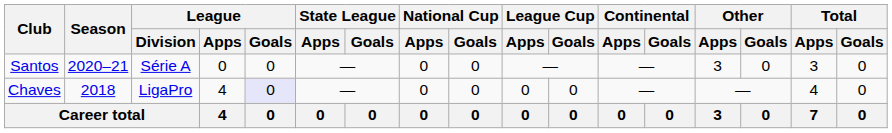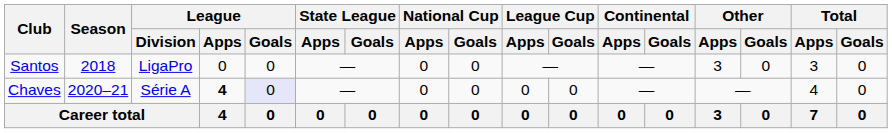 <table class="wikitable" style="text-align: center">
 <tr>
 <th rowspan="2">Club</th>
 <th rowspan="2">Season</th>
 <th colspan="3">League</th>
 <th colspan="2">State League</th>
 <th colspan="2">National Cup</th>
 <th colspan="2">League Cup</th>
 <th colspan="2">Continental</th>
 <th colspan="2">Other</th>
 <th colspan="2">Total</th>
 </tr>
 <tr>
 <th>Division</th>
 <th>Apps</th>
 <th>Goals</th>
 <th>Apps</th>
 <th>Goals</th>
 <th>Apps</th>
 <th>Goals</th>
 <th>Apps</th>
 <th>Goals</th>
 <th>Apps</th>
 <th>Goals</th>
 <th>Apps</th>
 <th>Goals</th>
 <th>Apps</th>
 <th>Goals</th>
 </tr>
 <tr>
 <td><a href='#'>Santos</a></td>
-<td><a href='#'>2020–21</a></td>
-<td><a href='#'>Série A</a></td>
+<td><a href='#'>2018</a></td>
+<td><a href='#'>LigaPro</a></td>
 <td>0</td>
 <td>0</td>
 <td colspan="2">—</td>
 <td>0</td>
 <td>0</td>
 <td colspan="2">—</td>
 <td colspan="2">—</td>
 <td>3</td>
 <td>0</td>
 <td>3</td>
 <td>0</td>
 </tr>
 <tr>
 <td><a href='#'>Chaves</a></td>
-<td><a href='#'>2018</a></td>
-<td><a href='#'>LigaPro</a></td>
-<td>4</td>
+<td><a href='#'>2020–21</a></td>
+<td><a href='#'>Série A</a></td>
+<td><strong>4</strong></td>
 <td style="background: lavender;">0</td>
 <td colspan="2">—</td>
 <td>0</td>
 <td>0</td>
 <td>0</td>
 <td>0</td>
 <td colspan="2">—</td>
 <td colspan="2">—</td>
 <td>4</td>
 <td>0</td>
 </tr>
 <tr>
 <th colspan="3"><strong>Career total</strong></th>
 <th>4</th>
 <th>0</th>
 <th>0</th>
 <th>0</th>
 <th>0</th>
 <th>0</th>
 <th>0</th>
 <th>0</th>
 <th>0</th>
 <th>0</th>
 <th>3</th>
 <th>0</th>
 <th>7</th>
 <th>0</th>
 </tr>
 </table>
